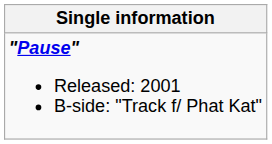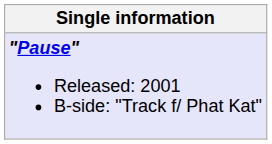 <table class="wikitable">
 <tr>
 <th>Single information</th>
 </tr>
 <tr>
-<td><strong><em>"<a href='#'>Pause</a>"</em></strong><br><ul><li>Released: 2001</li><li>B-side: "Track f/ Phat Kat"</li></ul></td>
+<td style="background: lavender;"><strong><em>"<a href='#'>Pause</a>"</em></strong><br><ul><li>Released: 2001</li><li>B-side: "Track f/ Phat Kat"</li></ul></td>
 </tr>
 </table>
